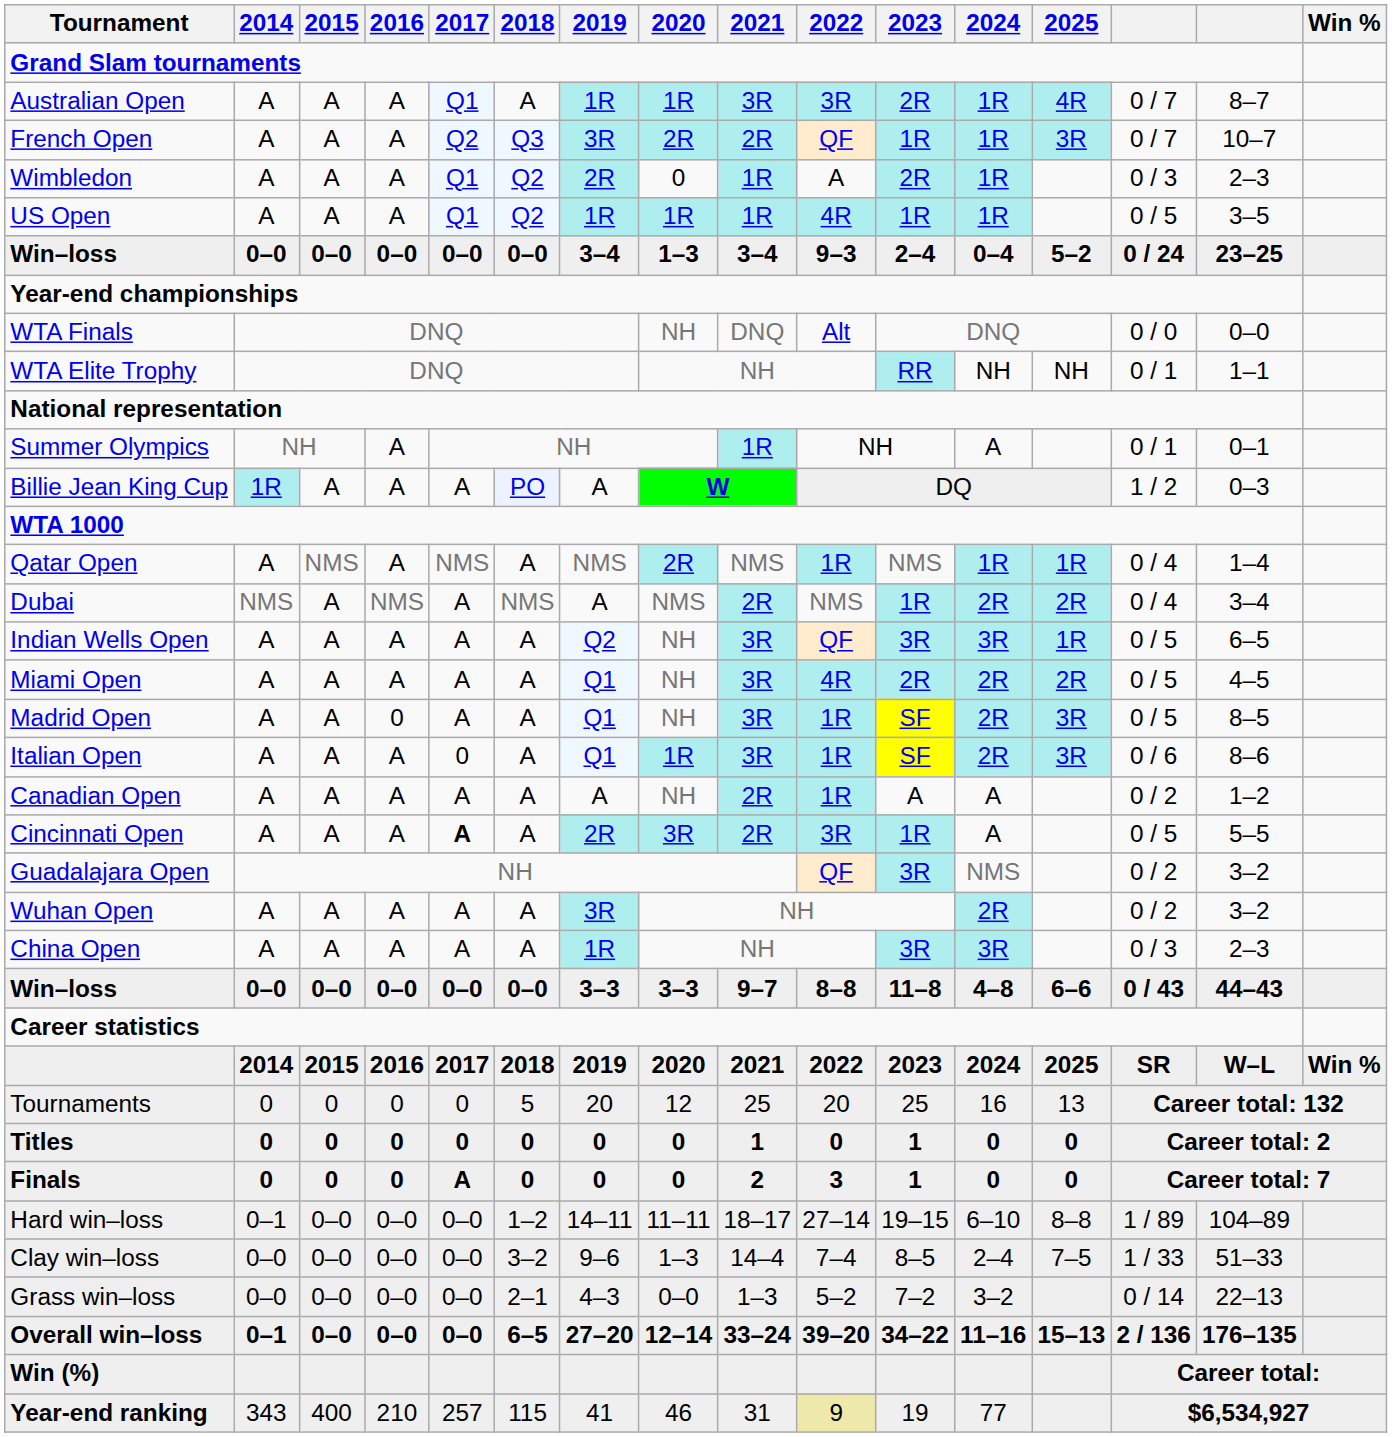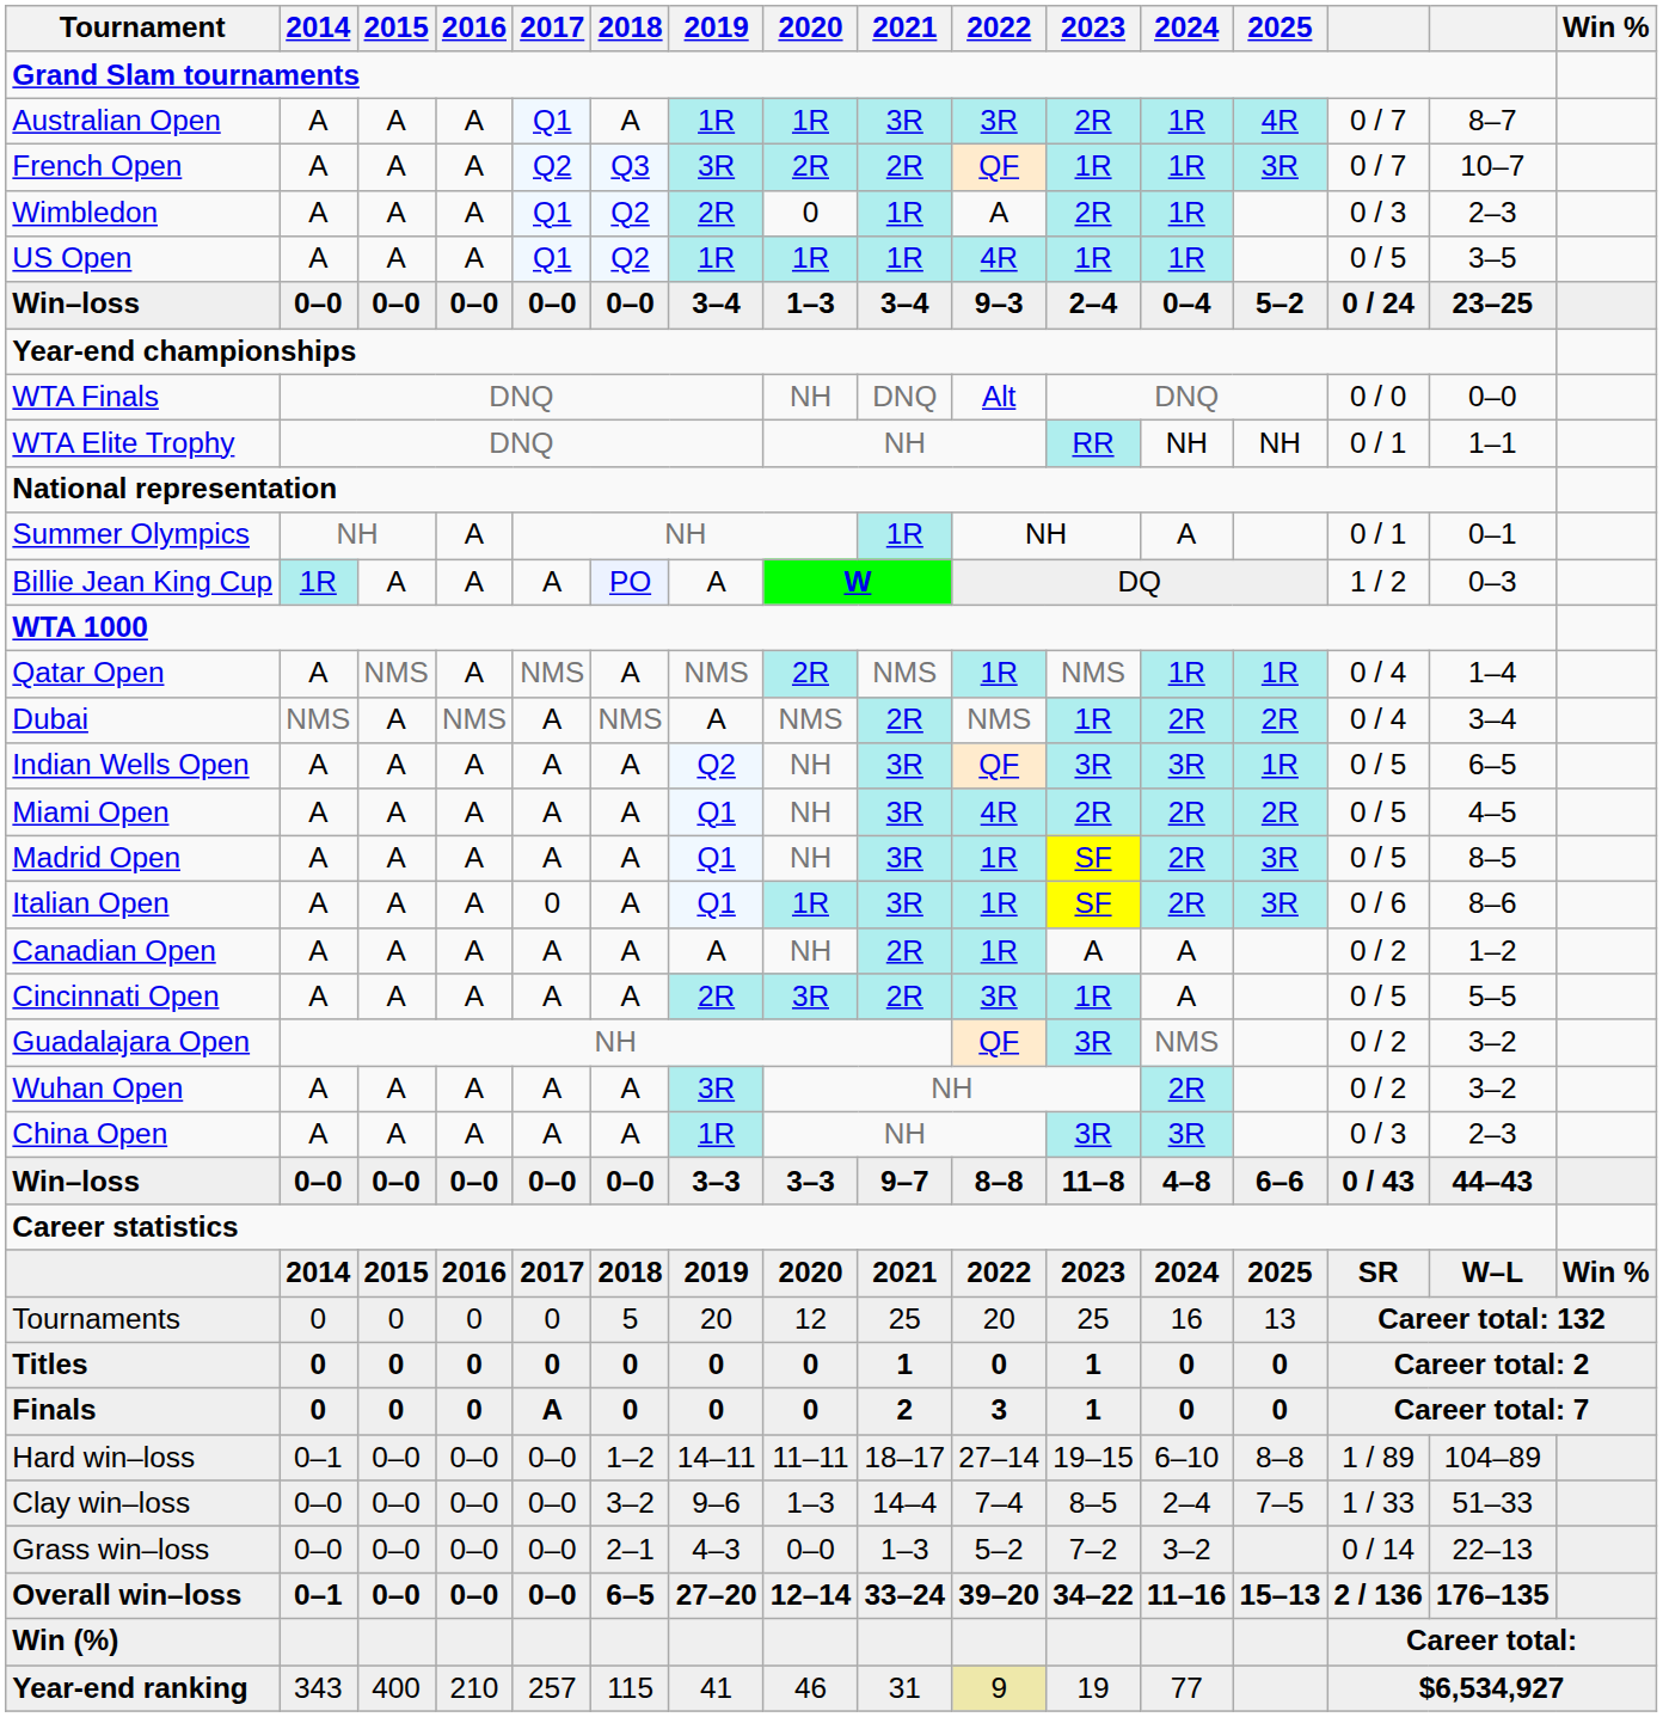 <table class=wikitable style=text-align:center>
 <tr>
 <th>Tournament</th>
 <th><a href='#'>2014</a></th>
 <th><a href='#'>2015</a></th>
 <th><a href='#'>2016</a></th>
 <th><a href='#'>2017</a></th>
 <th><a href='#'>2018</a></th>
 <th><a href='#'>2019</a></th>
 <th><a href='#'>2020</a></th>
 <th><a href='#'>2021</a></th>
 <th><a href='#'>2022</a></th>
 <th><a href='#'>2023</a></th>
 <th><a href='#'>2024</a></th>
 <th><a href='#'>2025</a></th>
 <th></th>
 <th></th>
 <th>Win %</th>
 </tr>
 <tr>
 <td colspan="15" style="text-align:left"><strong><a href='#'>Grand Slam tournaments</a></strong></td>
 </tr>
 <tr>
 <td style=text-align:left><a href='#'>Australian Open</a></td>
 <td>A</td>
 <td>A</td>
 <td>A</td>
 <td style=background:#f0f8ff><a href='#'>Q1</a></td>
 <td>A</td>
 <td style=background:#afeeee><a href='#'>1R</a></td>
 <td style=background:#afeeee><a href='#'>1R</a></td>
 <td style=background:#afeeee><a href='#'>3R</a></td>
 <td style=background:#afeeee><a href='#'>3R</a></td>
 <td style=background:#afeeee><a href='#'>2R</a></td>
 <td style=background:#afeeee><a href='#'>1R</a></td>
 <td style=background:#afeeee><a href='#'>4R</a></td>
 <td>0 / 7</td>
 <td>8–7</td>
 <td></td>
 </tr>
 <tr>
 <td style=text-align:left><a href='#'>French Open</a></td>
 <td>A</td>
 <td>A</td>
 <td>A</td>
 <td style=background:#f0f8ff><a href='#'>Q2</a></td>
 <td style=background:#f0f8ff><a href='#'>Q3</a></td>
 <td style=background:#afeeee><a href='#'>3R</a></td>
 <td style=background:#afeeee><a href='#'>2R</a></td>
 <td style=background:#afeeee><a href='#'>2R</a></td>
 <td style=background:#ffebcd><a href='#'>QF</a></td>
 <td style=background:#afeeee><a href='#'>1R</a></td>
 <td style=background:#afeeee><a href='#'>1R</a></td>
 <td style=background:#afeeee><a href='#'>3R</a></td>
 <td>0 / 7</td>
 <td>10–7</td>
 <td></td>
 </tr>
 <tr>
 <td style=text-align:left><a href='#'>Wimbledon</a></td>
 <td>A</td>
 <td>A</td>
 <td>A</td>
 <td style=background:#f0f8ff><a href='#'>Q1</a></td>
 <td style=background:#f0f8ff><a href='#'>Q2</a></td>
 <td style=background:#afeeee><a href='#'>2R</a></td>
 <td>0</td>
 <td style=background:#afeeee><a href='#'>1R</a></td>
 <td>A</td>
 <td style=background:#afeeee><a href='#'>2R</a></td>
 <td style=background:#afeeee><a href='#'>1R</a></td>
 <td></td>
 <td>0 / 3</td>
 <td>2–3</td>
 <td></td>
 </tr>
 <tr>
 <td style=text-align:left><a href='#'>US Open</a></td>
 <td>A</td>
 <td>A</td>
 <td>A</td>
 <td style=background:#f0f8ff><a href='#'>Q1</a></td>
 <td style=background:#f0f8ff><a href='#'>Q2</a></td>
 <td style=background:#afeeee><a href='#'>1R</a></td>
 <td style=background:#afeeee><a href='#'>1R</a></td>
 <td style=background:#afeeee><a href='#'>1R</a></td>
 <td style=background:#afeeee><a href='#'>4R</a></td>
 <td style=background:#afeeee><a href='#'>1R</a></td>
 <td style=background:#afeeee><a href='#'>1R</a></td>
 <td></td>
 <td>0 / 5</td>
 <td>3–5</td>
 <td></td>
 </tr>
 <tr style=font-weight:bold;background:#efefef>
 <td style=text-align:left>Win–loss</td>
 <td>0–0</td>
 <td>0–0</td>
 <td>0–0</td>
 <td>0–0</td>
 <td>0–0</td>
 <td>3–4</td>
 <td>1–3</td>
 <td>3–4</td>
 <td>9–3</td>
 <td>2–4</td>
 <td>0–4</td>
 <td>5–2</td>
 <td>0 / 24</td>
 <td>23–25</td>
 <td></td>
 </tr>
 <tr>
 <td colspan="15" style="text-align:left"><strong>Year-end championships</strong></td>
 </tr>
 <tr>
 <td style=text-align:left><a href='#'>WTA Finals</a></td>
 <td colspan=6 style=color:#767676>DNQ</td>
 <td style=color:#767676>NH</td>
 <td style=color:#767676>DNQ</td>
 <td><a href='#'>Alt</a></td>
 <td colspan=3 style=color:#767676>DNQ</td>
 <td>0 / 0</td>
 <td>0–0</td>
 <td></td>
 </tr>
 <tr>
 <td style=text-align:left><a href='#'>WTA Elite Trophy</a></td>
 <td colspan=6 style=color:#767676>DNQ</td>
 <td colspan=3 style=color:#767676>NH</td>
 <td style=background:#afeeee><a href='#'>RR</a></td>
 <td>NH</td>
 <td>NH</td>
 <td>0 / 1</td>
 <td>1–1</td>
 <td></td>
 </tr>
 <tr>
 <td colspan="15" style="text-align:left"><strong>National representation</strong></td>
 </tr>
 <tr>
 <td style=text-align:left><a href='#'>Summer Olympics</a></td>
 <td colspan=2 style=color:#767676>NH</td>
 <td>A</td>
 <td colspan=4 style=color:#767676>NH</td>
 <td style=background:#afeeee><a href='#'>1R</a></td>
 <td colspan=2 style=color#767676>NH</td>
 <td>A</td>
 <td></td>
 <td>0 / 1</td>
 <td>0–1</td>
 <td></td>
 </tr>
 <tr>
 <td style=text-align:left><a href='#'>Billie Jean King Cup</a></td>
 <td style=background:#afeeee><a href='#'>1R</a></td>
 <td>A</td>
 <td>A</td>
 <td>A</td>
 <td style=background:#ecf2ff><a href='#'>PO</a></td>
 <td>A</td>
 <td colspan="2" style="background:lime"><strong><a href='#'>W</a></strong></td>
 <td colspan="4" style=background:#efefef;colro:#767676>DQ</td>
 <td>1 / 2</td>
 <td>0–3</td>
 <td></td>
 </tr>
 <tr>
 <td colspan="15" style="text-align:left"><strong><a href='#'>WTA 1000</a></strong></td>
 </tr>
 <tr>
 <td style=text-align:left><a href='#'>Qatar Open</a></td>
 <td>A</td>
 <td style=color:#767676>NMS</td>
 <td>A</td>
 <td style=color:#767676>NMS</td>
 <td>A</td>
 <td style=color:#767676>NMS</td>
 <td style=background:#afeeee><a href='#'>2R</a></td>
 <td style=color:#767676>NMS</td>
 <td style=background:#afeeee><a href='#'>1R</a></td>
 <td style=color:#767676>NMS</td>
 <td style=background:#afeeee><a href='#'>1R</a></td>
 <td style=background:#afeeee><a href='#'>1R</a></td>
 <td>0 / 4</td>
 <td>1–4</td>
 <td></td>
 </tr>
 <tr>
 <td style=text-align:left><a href='#'>Dubai</a> </td>
 <td style=color:#767676>NMS</td>
 <td>A</td>
 <td style=color:#767676>NMS</td>
 <td>A</td>
 <td style=color:#767676>NMS</td>
 <td>A</td>
 <td style=color:#767676>NMS</td>
 <td style=background:#afeeee><a href='#'>2R</a></td>
 <td style=color:#767676>NMS</td>
 <td style=background:#afeeee><a href='#'>1R</a></td>
 <td style=background:#afeeee><a href='#'>2R</a></td>
 <td style=background:#afeeee><a href='#'>2R</a></td>
 <td>0 / 4</td>
 <td>3–4</td>
 <td></td>
 </tr>
 <tr>
 <td style=text-align:left><a href='#'>Indian Wells Open</a></td>
 <td>A</td>
 <td>A</td>
 <td>A</td>
 <td>A</td>
 <td>A</td>
 <td style=background:#f0f8ff><a href='#'>Q2</a></td>
 <td style=color:#767676>NH</td>
 <td style=background:#afeeee><a href='#'>3R</a></td>
 <td style=background:#ffebcd><a href='#'>QF</a></td>
 <td style=background:#afeeee><a href='#'>3R</a></td>
 <td style=background:#afeeee><a href='#'>3R</a></td>
 <td style=background:#afeeee><a href='#'>1R</a></td>
 <td>0 / 5</td>
 <td>6–5</td>
 <td></td>
 </tr>
 <tr>
 <td style=text-align:left><a href='#'>Miami Open</a></td>
 <td>A</td>
 <td>A</td>
 <td>A</td>
 <td>A</td>
 <td>A</td>
 <td style=background:#f0f8ff><a href='#'>Q1</a></td>
 <td style=color:#767676>NH</td>
 <td style=background:#afeeee><a href='#'>3R</a></td>
 <td style=background:#afeeee><a href='#'>4R</a></td>
 <td style=background:#afeeee><a href='#'>2R</a></td>
 <td style=background:#afeeee><a href='#'>2R</a></td>
 <td style=background:#afeeee><a href='#'>2R</a></td>
 <td>0 / 5</td>
 <td>4–5</td>
 <td></td>
 </tr>
 <tr>
 <td style=text-align:left><a href='#'>Madrid Open</a></td>
 <td>A</td>
 <td>A</td>
-<td>0</td>
+<td>A</td>
 <td>A</td>
 <td>A</td>
 <td style=background:#f0f8ff><a href='#'>Q1</a></td>
 <td style=color:#767676>NH</td>
 <td style=background:#afeeee><a href='#'>3R</a></td>
 <td style=background:#afeeee><a href='#'>1R</a></td>
 <td style=background:yellow><a href='#'>SF</a></td>
 <td style=background:#afeeee><a href='#'>2R</a></td>
 <td style=background:#afeeee><a href='#'>3R</a></td>
 <td>0 / 5</td>
 <td>8–5</td>
 <td></td>
 </tr>
 <tr>
 <td style=text-align:left><a href='#'>Italian Open</a></td>
 <td>A</td>
 <td>A</td>
 <td>A</td>
 <td>0</td>
 <td>A</td>
 <td style=background:#f0f8ff><a href='#'>Q1</a></td>
 <td style=background:#afeeee><a href='#'>1R</a></td>
 <td style=background:#afeeee><a href='#'>3R</a></td>
 <td style=background:#afeeee><a href='#'>1R</a></td>
 <td style=background:yellow><a href='#'>SF</a></td>
 <td style=background:#afeeee><a href='#'>2R</a></td>
 <td style=background:#afeeee><a href='#'>3R</a></td>
 <td>0 / 6</td>
 <td>8–6</td>
 <td></td>
 </tr>
 <tr>
 <td style=text-align:left><a href='#'>Canadian Open</a></td>
 <td>A</td>
 <td>A</td>
 <td>A</td>
 <td>A</td>
 <td>A</td>
 <td>A</td>
 <td style=color:#767676>NH</td>
 <td style=background:#afeeee><a href='#'>2R</a></td>
 <td style=background:#afeeee><a href='#'>1R</a></td>
 <td>A</td>
 <td>A</td>
 <td></td>
 <td>0 / 2</td>
 <td>1–2</td>
 <td></td>
 </tr>
 <tr>
 <td style=text-align:left><a href='#'>Cincinnati Open</a></td>
 <td>A</td>
 <td>A</td>
 <td>A</td>
-<td><strong>A</strong></td>
+<td>A</td>
 <td>A</td>
 <td style=background:#afeeee><a href='#'>2R</a></td>
 <td style=background:#afeeee><a href='#'>3R</a></td>
 <td style=background:#afeeee><a href='#'>2R</a></td>
 <td style=background:#afeeee><a href='#'>3R</a></td>
 <td style=background:#afeeee><a href='#'>1R</a></td>
 <td>A</td>
 <td></td>
 <td>0 / 5</td>
 <td>5–5</td>
 <td></td>
 </tr>
 <tr>
 <td style=text-align:left><a href='#'>Guadalajara Open</a></td>
 <td colspan=8 style=color:#767676>NH</td>
 <td style=background:#ffebcd><a href='#'>QF</a></td>
 <td style=background:#afeeee><a href='#'>3R</a></td>
 <td style=color:#767676>NMS</td>
 <td></td>
 <td>0 / 2</td>
 <td>3–2</td>
 <td></td>
 </tr>
 <tr>
 <td style=text-align:left><a href='#'>Wuhan Open</a></td>
 <td>A</td>
 <td>A</td>
 <td>A</td>
 <td>A</td>
 <td>A</td>
 <td style=background:#afeeee><a href='#'>3R</a></td>
 <td colspan=4 style=color:#767676>NH</td>
 <td style=background:#afeeee><a href='#'>2R</a></td>
 <td></td>
 <td>0 / 2</td>
 <td>3–2</td>
 <td></td>
 </tr>
 <tr>
 <td style=text-align:left><a href='#'>China Open</a></td>
 <td>A</td>
 <td>A</td>
 <td>A</td>
 <td>A</td>
 <td>A</td>
 <td style=background:#afeeee><a href='#'>1R</a></td>
 <td colspan=3 style=color:#767676>NH</td>
 <td style=background:#afeeee><a href='#'>3R</a></td>
 <td style=background:#afeeee><a href='#'>3R</a></td>
 <td></td>
 <td>0 / 3</td>
 <td>2–3</td>
 <td></td>
 </tr>
 <tr style=font-weight:bold;background:#efefef>
 <td style=text-align:left>Win–loss</td>
 <td>0–0</td>
 <td>0–0</td>
 <td>0–0</td>
 <td>0–0</td>
 <td>0–0</td>
 <td>3–3</td>
 <td>3–3</td>
 <td>9–7</td>
 <td>8–8</td>
 <td>11–8</td>
 <td>4–8</td>
 <td>6–6</td>
 <td>0 / 43</td>
 <td>44–43</td>
 <td></td>
 </tr>
 <tr>
 <td colspan="15" style="text-align:left"><strong>Career statistics</strong></td>
 </tr>
 <tr style=font-weight:bold;background:#efefef>
 <td></td>
 <td>2014</td>
 <td>2015</td>
 <td>2016</td>
 <td>2017</td>
 <td>2018</td>
 <td>2019</td>
 <td>2020</td>
 <td>2021</td>
 <td>2022</td>
 <td>2023</td>
 <td>2024</td>
 <td>2025</td>
 <td>SR</td>
 <td>W–L</td>
 <td>Win %</td>
 </tr>
 <tr style=background:#efefef>
 <td style=text-align:left>Tournaments</td>
 <td>0</td>
 <td>0</td>
 <td>0</td>
 <td>0</td>
 <td>5</td>
 <td>20</td>
 <td>12</td>
 <td>25</td>
 <td>20</td>
 <td>25</td>
 <td>16</td>
 <td>13</td>
 <td colspan="3"><strong>Career total: 132</strong></td>
 </tr>
 <tr style=font-weight:bold;background:#efefef>
 <td style=text-align:left>Titles</td>
 <td>0</td>
 <td>0</td>
 <td>0</td>
 <td>0</td>
 <td>0</td>
 <td>0</td>
 <td>0</td>
 <td>1</td>
 <td>0</td>
 <td>1</td>
 <td>0</td>
 <td>0</td>
 <td colspan="3">Career total: 2</td>
 </tr>
 <tr style=font-weight:bold;background:#efefef>
 <td style=text-align:left>Finals</td>
 <td>0</td>
 <td>0</td>
 <td>0</td>
 <td>A</td>
 <td>0</td>
 <td>0</td>
 <td>0</td>
 <td>2</td>
 <td>3</td>
 <td>1</td>
 <td>0</td>
 <td>0</td>
 <td colspan="3">Career total: 7</td>
 </tr>
 <tr style=background:#efefef>
 <td style=text-align:left>Hard win–loss</td>
 <td>0–1</td>
 <td>0–0</td>
 <td>0–0</td>
 <td>0–0</td>
 <td>1–2</td>
 <td>14–11</td>
 <td>11–11</td>
 <td>18–17</td>
 <td>27–14</td>
 <td>19–15</td>
 <td>6–10</td>
 <td>8–8</td>
 <td>1 / 89</td>
 <td>104–89</td>
 <td></td>
 </tr>
 <tr style=background:#efefef>
 <td style=text-align:left>Clay win–loss</td>
 <td>0–0</td>
 <td>0–0</td>
 <td>0–0</td>
 <td>0–0</td>
 <td>3–2</td>
 <td>9–6</td>
 <td>1–3</td>
 <td>14–4</td>
 <td>7–4</td>
 <td>8–5</td>
 <td>2–4</td>
 <td>7–5</td>
 <td>1 / 33</td>
 <td>51–33</td>
 <td></td>
 </tr>
 <tr style=background:#efefef>
 <td style=text-align:left>Grass win–loss</td>
 <td>0–0</td>
 <td>0–0</td>
 <td>0–0</td>
 <td>0–0</td>
 <td>2–1</td>
 <td>4–3</td>
 <td>0–0</td>
 <td>1–3</td>
 <td>5–2</td>
 <td>7–2</td>
 <td>3–2</td>
 <td></td>
 <td>0 / 14</td>
 <td>22–13</td>
 <td></td>
 </tr>
 <tr style=font-weight:bold;background:#efefef>
 <td style=text-align:left>Overall win–loss</td>
 <td>0–1</td>
 <td>0–0</td>
 <td>0–0</td>
 <td>0–0</td>
 <td>6–5</td>
 <td>27–20</td>
 <td>12–14</td>
 <td>33–24</td>
 <td>39–20</td>
 <td>34–22</td>
 <td>11–16</td>
 <td>15–13</td>
 <td>2 / 136</td>
 <td>176–135</td>
 <td></td>
 </tr>
 <tr style=font-weight:bold;background:#efefef>
 <td style=text-align:left>Win (%)</td>
 <td></td>
 <td></td>
 <td></td>
 <td></td>
 <td></td>
 <td></td>
 <td></td>
 <td></td>
 <td></td>
 <td></td>
 <td></td>
 <td></td>
 <td colspan="3">Career total: </td>
 </tr>
 <tr style=background:#efefef>
 <td style=text-align:left><strong>Year-end ranking</strong></td>
 <td>343</td>
 <td>400</td>
 <td>210</td>
 <td>257</td>
 <td>115</td>
 <td>41</td>
 <td>46</td>
 <td>31</td>
 <td style=background:#eee8aa>9</td>
 <td>19</td>
 <td>77</td>
 <td></td>
 <td colspan="3"><strong>$6,534,927</strong></td>
 </tr>
 </table>
